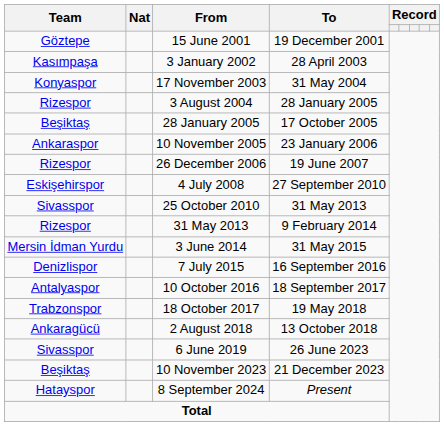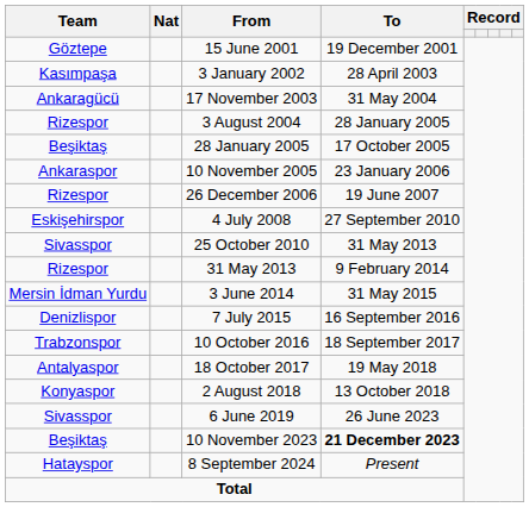 <table class="wikitable" style="text-align: center">
 <tr>
 <th rowspan="2">Team</th>
 <th rowspan="2">Nat</th>
 <th rowspan="2">From</th>
 <th rowspan="2">To</th>
 <th colspan="8">Record</th>
 </tr>
 <tr>
 <th></th>
 <th></th>
 <th></th>
 <th></th>
 <th></th>
 </tr>
 <tr>
 <td align="center"><a href='#'>Göztepe</a></td>
 <td></td>
 <td align="center">15 June 2001</td>
 <td align="center">19 December 2001<br></td>
 </tr>
 <tr>
 <td align="center"><a href='#'>Kasımpaşa</a></td>
 <td></td>
 <td align="center">3 January 2002</td>
 <td align="center">28 April 2003<br></td>
 </tr>
 <tr>
-<td align="center"><a href='#'>Konyaspor</a></td>
+<td align="center"><a href='#'>Ankaragücü</a></td>
 <td></td>
 <td align="center">17 November 2003</td>
 <td align="center">31 May 2004<br></td>
 </tr>
 <tr>
 <td align="centert"><a href='#'>Rizespor</a></td>
 <td></td>
 <td align="center">3 August 2004</td>
 <td align="center">28 January 2005<br></td>
 </tr>
 <tr>
 <td align="center"><a href='#'>Beşiktaş</a></td>
 <td></td>
 <td align="center">28 January 2005</td>
 <td align="center">17 October 2005<br></td>
 </tr>
 <tr>
 <td align="center"><a href='#'>Ankaraspor</a></td>
 <td></td>
 <td align="center">10 November 2005</td>
 <td align="center">23 January 2006<br></td>
 </tr>
 <tr>
 <td align="center"><a href='#'>Rizespor</a></td>
 <td></td>
 <td align="center">26 December 2006</td>
 <td align="center">19 June 2007<br></td>
 </tr>
 <tr>
 <td align="center"><a href='#'>Eskişehirspor</a></td>
 <td></td>
 <td align="center">4 July 2008</td>
 <td align="center">27 September 2010<br></td>
 </tr>
 <tr>
 <td align="center"><a href='#'>Sivasspor</a></td>
 <td></td>
 <td align="center">25 October 2010</td>
 <td align="center">31 May 2013<br></td>
 </tr>
 <tr>
 <td align="center"><a href='#'>Rizespor</a></td>
 <td></td>
 <td align="center">31 May 2013</td>
 <td align="center">9 February 2014<br></td>
 </tr>
 <tr>
 <td align="center"><a href='#'>Mersin İdman Yurdu</a></td>
 <td></td>
 <td align="center">3 June 2014</td>
 <td align="center">31 May 2015<br></td>
 </tr>
 <tr>
 <td align="center"><a href='#'>Denizlispor</a></td>
 <td></td>
 <td align="center">7 July 2015</td>
 <td align="center">16 September 2016<br></td>
 </tr>
 <tr>
-<td align="center"><a href='#'>Antalyaspor</a></td>
+<td align="center"><a href='#'>Trabzonspor</a></td>
 <td></td>
 <td align="center">10 October 2016</td>
 <td align="center">18 September 2017<br></td>
 </tr>
 <tr>
-<td align="center"><a href='#'>Trabzonspor</a></td>
+<td align="center"><a href='#'>Antalyaspor</a></td>
 <td></td>
 <td align="center">18 October 2017</td>
 <td align="center">19 May 2018<br></td>
 </tr>
 <tr>
-<td align="center"><a href='#'>Ankaragücü</a></td>
+<td align="center"><a href='#'>Konyaspor</a></td>
 <td></td>
 <td align="center">2 August 2018</td>
 <td align="center">13 October 2018<br></td>
 </tr>
 <tr>
 <td align="center"><a href='#'>Sivasspor</a></td>
 <td></td>
 <td align="center">6  June 2019</td>
 <td align="center">26 June 2023<br></td>
 </tr>
 <tr>
 <td align="center"><a href='#'>Beşiktaş</a></td>
 <td></td>
 <td align="center">10 November 2023</td>
-<td align="center">21 December 2023<br></td>
+<td align="center"><strong>21 December 2023<br></strong></td>
 </tr>
 <tr>
 <td align="center"><a href='#'>Hatayspor</a></td>
 <td></td>
 <td align="center">8 September 2024</td>
 <td align="center"><em>Present</em><br></td>
 </tr>
 <tr>
 <td colspan="4"><strong>Total</strong><br></td>
 </tr>
 </table>
